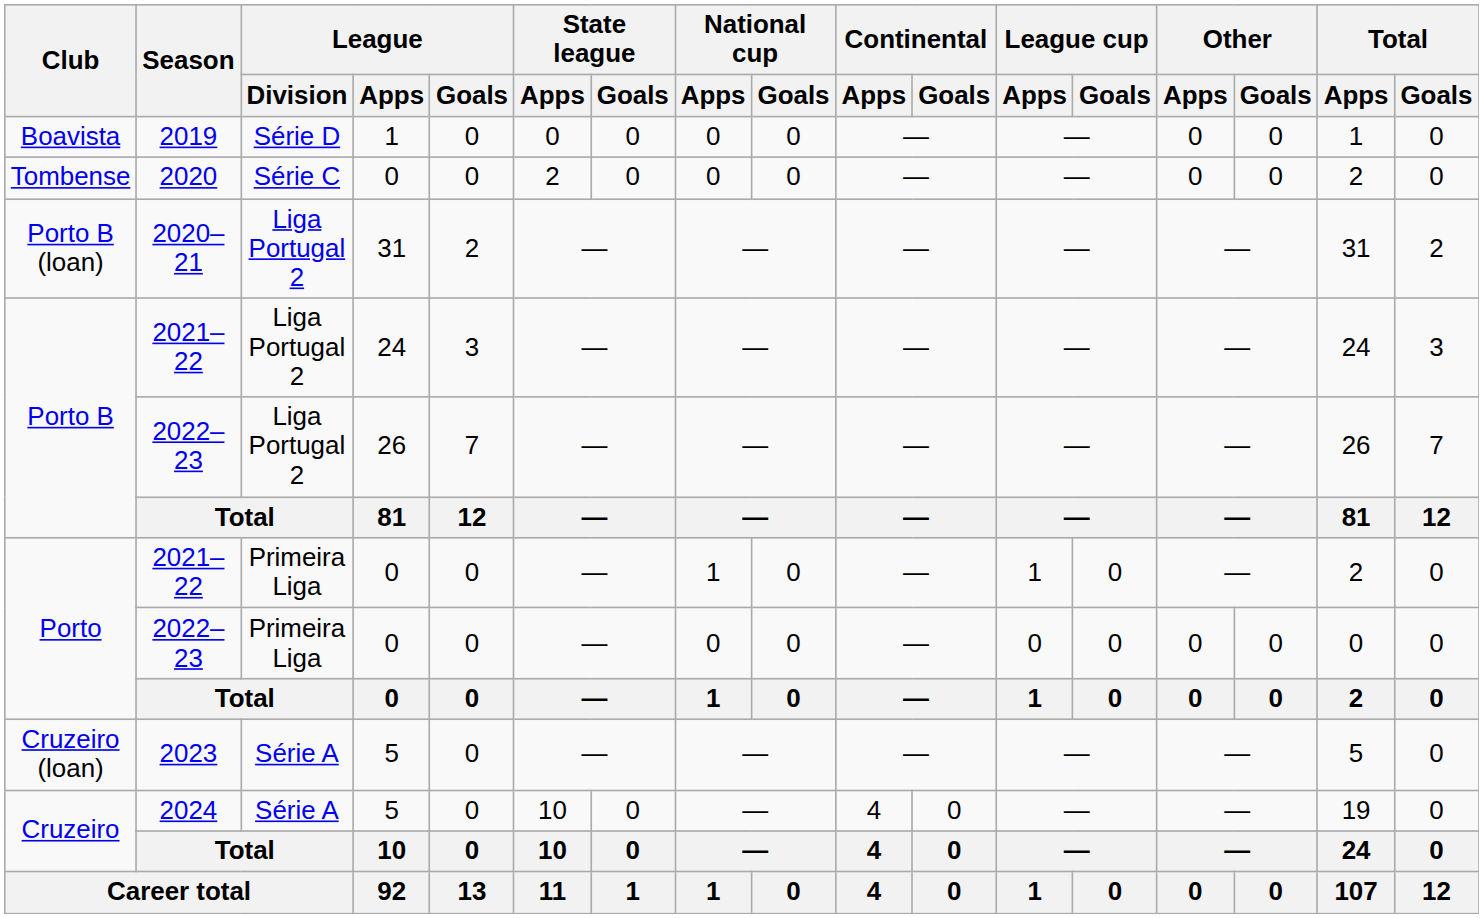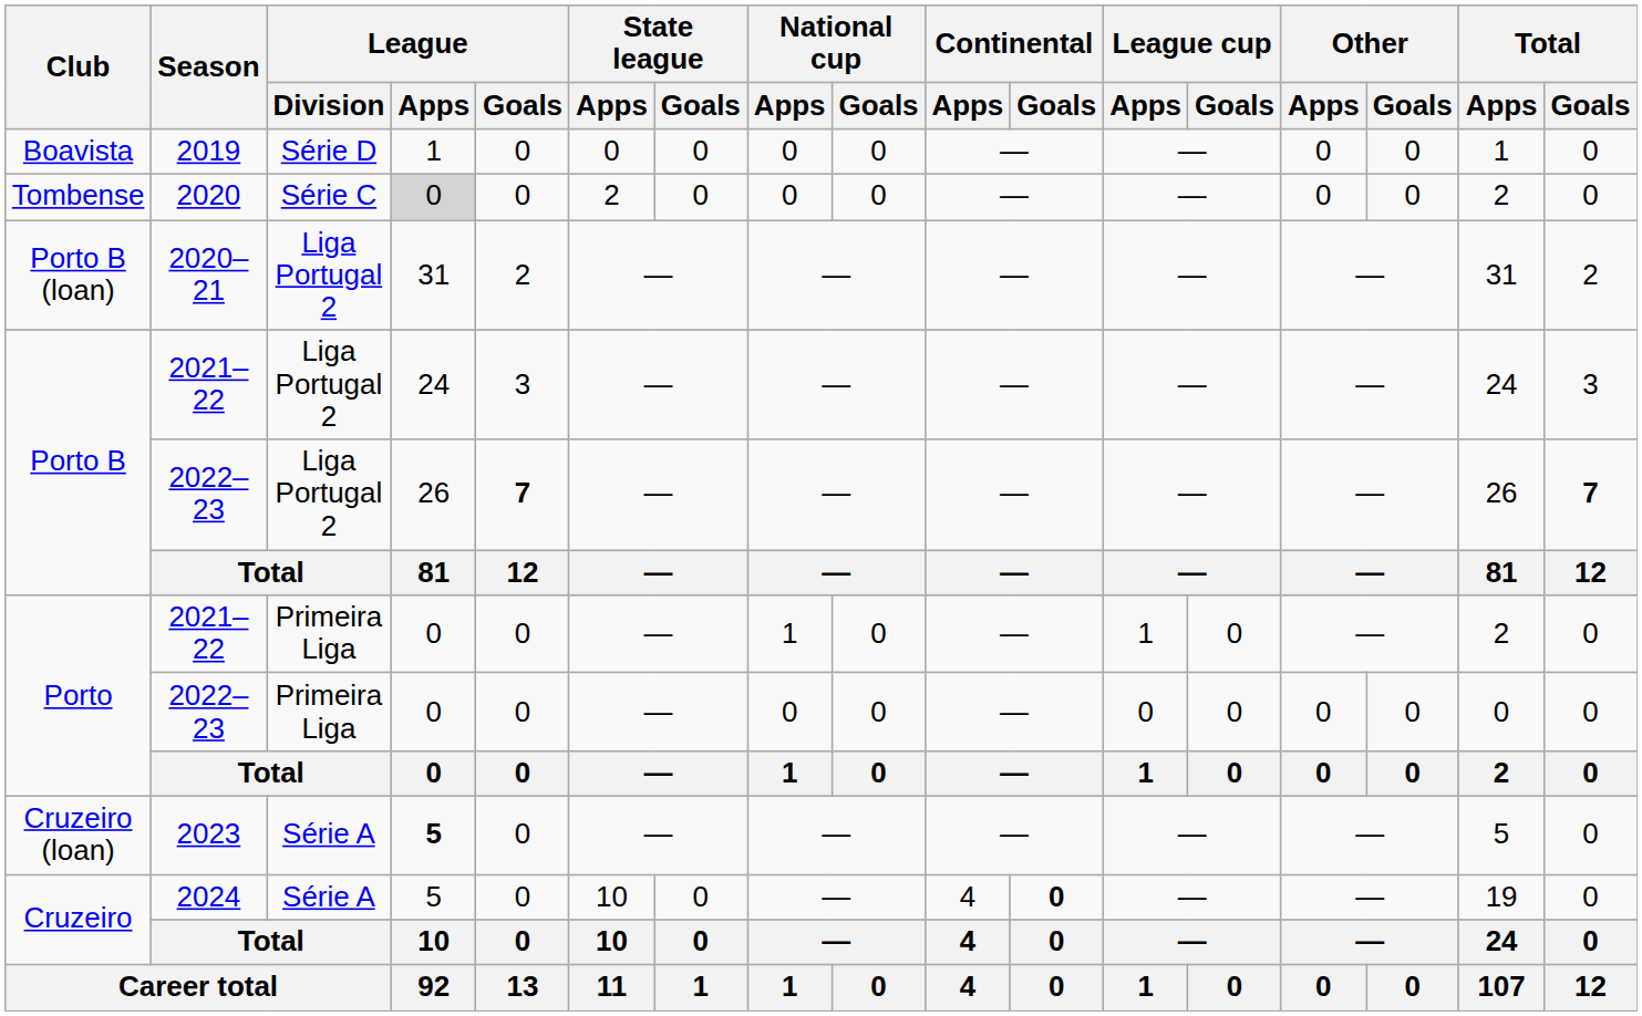 <table class="wikitable" style="text-align: center">
 <tr>
 <th rowspan="2">Club</th>
 <th rowspan="2">Season</th>
 <th colspan="3">League</th>
 <th colspan="2">State league</th>
 <th colspan="2">National cup</th>
 <th colspan="2">Continental</th>
 <th colspan="2">League cup</th>
 <th colspan="2">Other</th>
 <th colspan="2">Total</th>
 </tr>
 <tr>
 <th>Division</th>
 <th>Apps</th>
 <th>Goals</th>
 <th>Apps</th>
 <th>Goals</th>
 <th>Apps</th>
 <th>Goals</th>
 <th>Apps</th>
 <th>Goals</th>
 <th>Apps</th>
 <th>Goals</th>
 <th>Apps</th>
 <th>Goals</th>
 <th>Apps</th>
 <th>Goals</th>
 </tr>
 <tr>
 <td><a href='#'>Boavista</a></td>
 <td><a href='#'>2019</a></td>
 <td><a href='#'>Série D</a></td>
 <td>1</td>
 <td>0</td>
 <td>0</td>
 <td>0</td>
 <td>0</td>
 <td>0</td>
 <td colspan="2">—</td>
 <td colspan="2">—</td>
 <td>0</td>
 <td>0</td>
 <td>1</td>
 <td>0</td>
 </tr>
 <tr>
 <td><a href='#'>Tombense</a></td>
 <td><a href='#'>2020</a></td>
 <td><a href='#'>Série C</a></td>
-<td>0</td>
+<td style="background: lightgrey;">0</td>
 <td>0</td>
 <td>2</td>
 <td>0</td>
 <td>0</td>
 <td>0</td>
 <td colspan="2">—</td>
 <td colspan="2">—</td>
 <td>0</td>
 <td>0</td>
 <td>2</td>
 <td>0</td>
 </tr>
 <tr>
 <td><a href='#'>Porto B</a> (loan)</td>
 <td><a href='#'>2020–21</a></td>
 <td><a href='#'>Liga Portugal 2</a></td>
 <td>31</td>
 <td>2</td>
 <td colspan="2">—</td>
 <td colspan="2">—</td>
 <td colspan="2">—</td>
 <td colspan="2">—</td>
 <td colspan="2">—</td>
 <td>31</td>
 <td>2</td>
 </tr>
 <tr>
 <td rowspan="3"><a href='#'>Porto B</a></td>
 <td><a href='#'>2021–22</a></td>
 <td>Liga Portugal 2</td>
 <td>24</td>
 <td>3</td>
 <td colspan="2">—</td>
 <td colspan="2">—</td>
 <td colspan="2">—</td>
 <td colspan="2">—</td>
 <td colspan="2">—</td>
 <td>24</td>
 <td>3</td>
 </tr>
 <tr>
 <td><a href='#'>2022–23</a></td>
 <td>Liga Portugal 2</td>
 <td>26</td>
-<td>7</td>
+<td><strong>7</strong></td>
 <td colspan="2">—</td>
 <td colspan="2">—</td>
 <td colspan="2">—</td>
 <td colspan="2">—</td>
 <td colspan="2">—</td>
 <td>26</td>
-<td>7</td>
+<td><strong>7</strong></td>
 </tr>
 <tr>
 <th colspan="2">Total</th>
 <th>81</th>
 <th>12</th>
 <th colspan="2">—</th>
 <th colspan="2">—</th>
 <th colspan="2">—</th>
 <th colspan="2">—</th>
 <th colspan="2">—</th>
 <th>81</th>
 <th>12</th>
 </tr>
 <tr>
 <td rowspan="3"><a href='#'>Porto</a></td>
 <td><a href='#'>2021–22</a></td>
 <td>Primeira Liga</td>
 <td>0</td>
 <td>0</td>
 <td colspan="2">—</td>
 <td>1</td>
 <td>0</td>
 <td colspan="2">—</td>
 <td>1</td>
 <td>0</td>
 <td colspan="2">—</td>
 <td>2</td>
 <td>0</td>
 </tr>
 <tr>
 <td><a href='#'>2022–23</a></td>
 <td>Primeira Liga</td>
 <td>0</td>
 <td>0</td>
 <td colspan="2">—</td>
 <td>0</td>
 <td>0</td>
 <td colspan="2">—</td>
 <td>0</td>
 <td>0</td>
 <td>0</td>
 <td>0</td>
 <td>0</td>
 <td>0</td>
 </tr>
 <tr>
 <th colspan="2">Total</th>
 <th>0</th>
 <th>0</th>
 <th colspan="2">—</th>
 <th>1</th>
 <th>0</th>
 <th colspan="2">—</th>
 <th>1</th>
 <th>0</th>
 <th>0</th>
 <th>0</th>
 <th>2</th>
 <th>0</th>
 </tr>
 <tr>
 <td><a href='#'>Cruzeiro</a> (loan)</td>
 <td><a href='#'>2023</a></td>
 <td><a href='#'>Série A</a></td>
-<td>5</td>
+<td><strong>5</strong></td>
 <td>0</td>
 <td colspan="2">—</td>
 <td colspan="2">—</td>
 <td colspan="2">—</td>
 <td colspan="2">—</td>
 <td colspan="2">—</td>
 <td>5</td>
 <td>0</td>
 </tr>
 <tr>
 <td rowspan="2"><a href='#'>Cruzeiro</a></td>
 <td><a href='#'>2024</a></td>
 <td><a href='#'>Série A</a></td>
 <td>5</td>
 <td>0</td>
 <td>10</td>
 <td>0</td>
 <td colspan="2">—</td>
 <td>4</td>
-<td>0</td>
+<td><strong>0</strong></td>
 <td colspan="2">—</td>
 <td colspan="2">—</td>
 <td>19</td>
 <td>0</td>
 </tr>
 <tr>
 <th colspan="2">Total</th>
 <th>10</th>
 <th>0</th>
 <th>10</th>
 <th>0</th>
 <th colspan="2">—</th>
 <th>4</th>
 <th>0</th>
 <th colspan="2">—</th>
 <th colspan="2">—</th>
 <th>24</th>
 <th>0</th>
 </tr>
 <tr>
 <th colspan="3"><strong>Career total</strong></th>
 <th>92</th>
 <th>13</th>
 <th>11</th>
 <th>1</th>
 <th>1</th>
 <th>0</th>
 <th>4</th>
 <th>0</th>
 <th>1</th>
 <th>0</th>
 <th>0</th>
 <th>0</th>
 <th>107</th>
 <th>12</th>
 </tr>
 </table>
